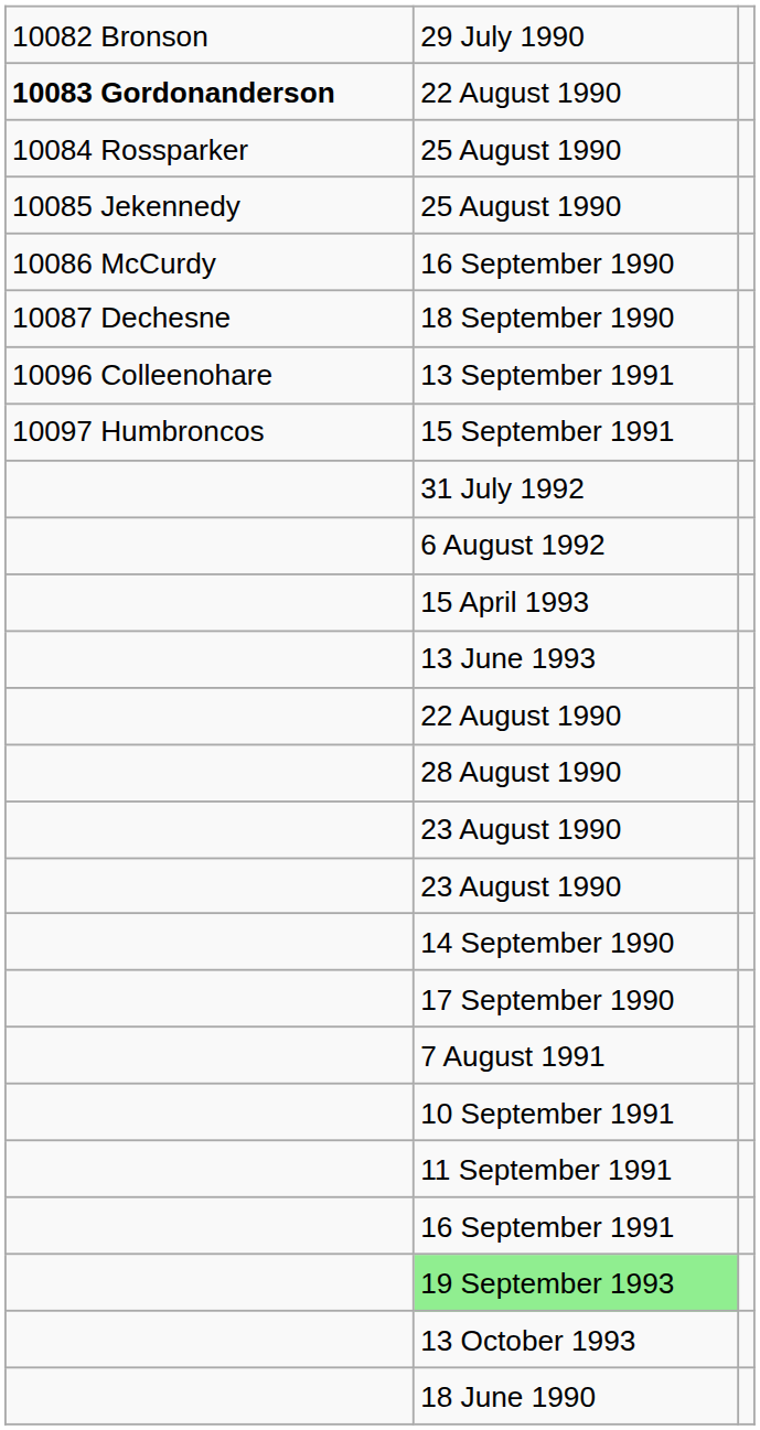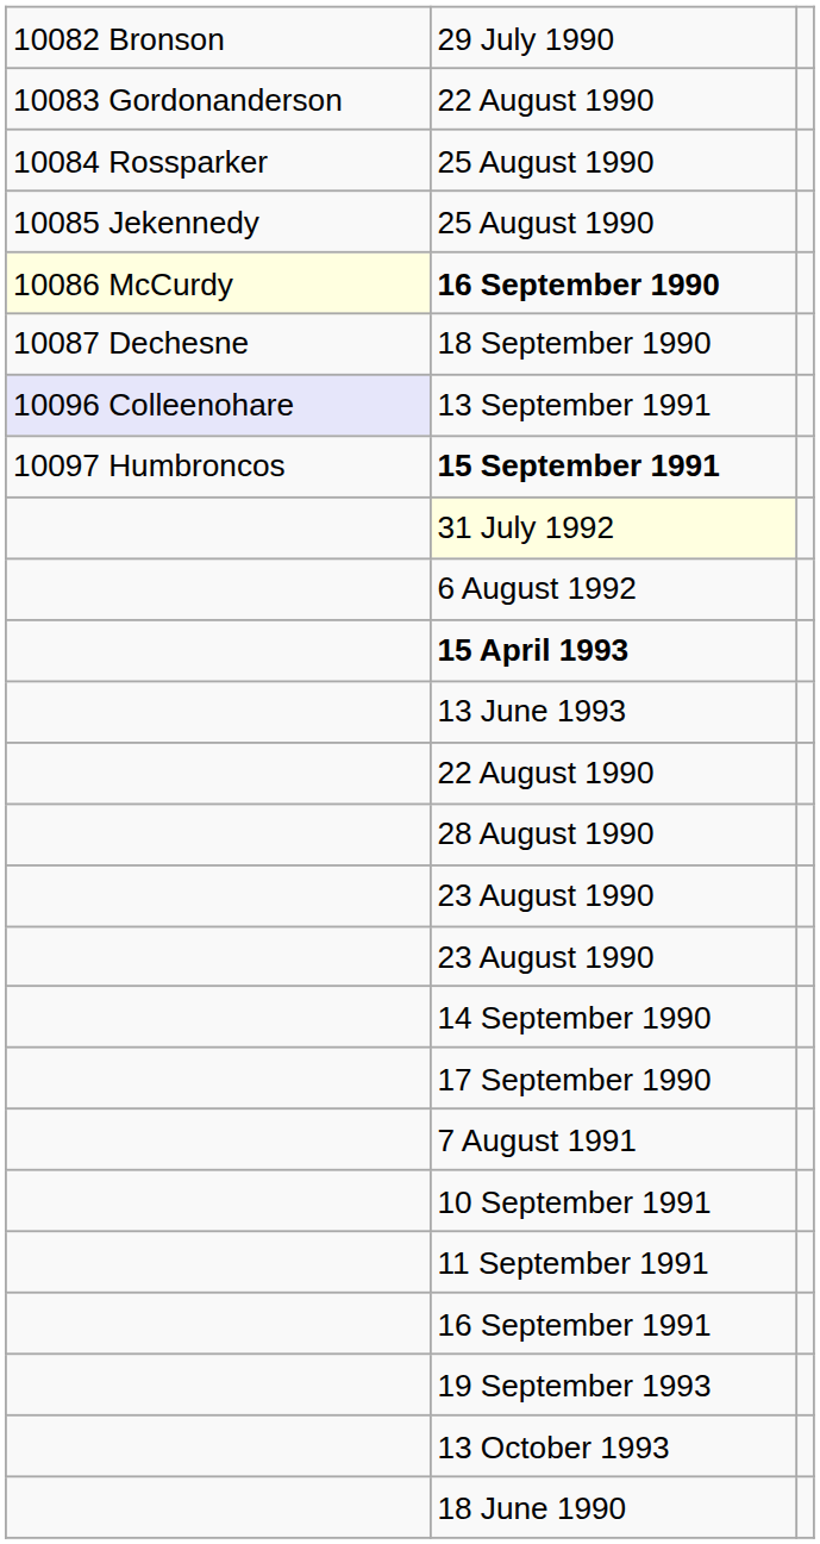 <table class="wikitable" style="font-size: 89%; float: left; width: 26em; margin-right: 1em; height: 700px">
 <tr>
 <td>10082 Bronson</td>
 <td>29 July 1990</td>
 <td></td>
 </tr>
 <tr>
-<td><strong>10083 Gordonanderson</strong></td>
+<td>10083 Gordonanderson</td>
 <td>22 August 1990</td>
 <td></td>
 </tr>
 <tr>
 <td>10084 Rossparker</td>
 <td>25 August 1990</td>
 <td></td>
 </tr>
 <tr>
 <td>10085 Jekennedy</td>
 <td>25 August 1990</td>
 <td></td>
 </tr>
 <tr>
-<td>10086 McCurdy</td>
-<td>16 September 1990</td>
+<td style="background: lightyellow;">10086 McCurdy</td>
+<td><strong>16 September 1990</strong></td>
 <td></td>
 </tr>
 <tr>
 <td>10087 Dechesne</td>
 <td>18 September 1990</td>
 <td></td>
 </tr>
 <tr>
-<td>10096 Colleenohare</td>
+<td style="background: lavender;">10096 Colleenohare</td>
 <td>13 September 1991</td>
 <td></td>
 </tr>
 <tr>
 <td>10097 Humbroncos</td>
-<td>15 September 1991</td>
+<td><strong>15 September 1991</strong></td>
 <td></td>
 </tr>
 <tr>
 <td></td>
-<td>31 July 1992</td>
+<td style="background: lightyellow;">31 July 1992</td>
 <td></td>
 </tr>
 <tr>
 <td></td>
 <td>6 August 1992</td>
 <td></td>
 </tr>
 <tr>
 <td></td>
-<td>15 April 1993</td>
+<td><strong>15 April 1993</strong></td>
 <td></td>
 </tr>
 <tr>
 <td></td>
 <td>13 June 1993</td>
 <td></td>
 </tr>
 <tr>
 <td></td>
 <td>22 August 1990</td>
 <td></td>
 </tr>
 <tr>
 <td></td>
 <td>28 August 1990</td>
 <td></td>
 </tr>
 <tr>
 <td></td>
 <td>23 August 1990</td>
 <td></td>
 </tr>
 <tr>
 <td></td>
 <td>23 August 1990</td>
 <td></td>
 </tr>
 <tr>
 <td></td>
 <td>14 September 1990</td>
 <td></td>
 </tr>
 <tr>
 <td></td>
 <td>17 September 1990</td>
 <td></td>
 </tr>
 <tr>
 <td></td>
 <td>7 August 1991</td>
 <td></td>
 </tr>
 <tr>
 <td></td>
 <td>10 September 1991</td>
 <td></td>
 </tr>
 <tr>
 <td></td>
 <td>11 September 1991</td>
 <td></td>
 </tr>
 <tr>
 <td></td>
 <td>16 September 1991</td>
 <td></td>
 </tr>
 <tr>
 <td></td>
-<td style="background: lightgreen;">19 September 1993</td>
+<td>19 September 1993</td>
 <td></td>
 </tr>
 <tr>
 <td></td>
 <td>13 October 1993</td>
 <td></td>
 </tr>
 <tr>
 <td></td>
 <td>18 June 1990</td>
 <td></td>
 </tr>
 </table>
